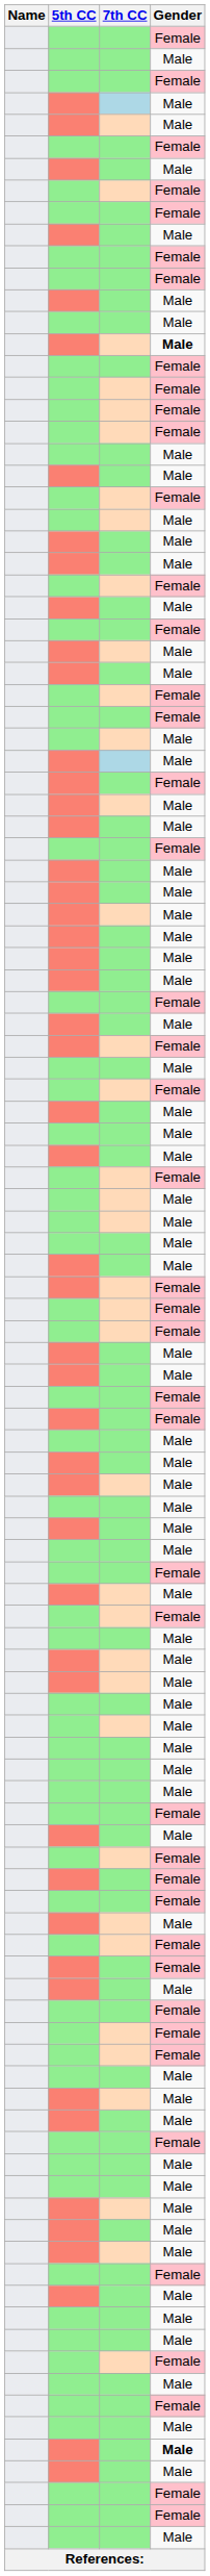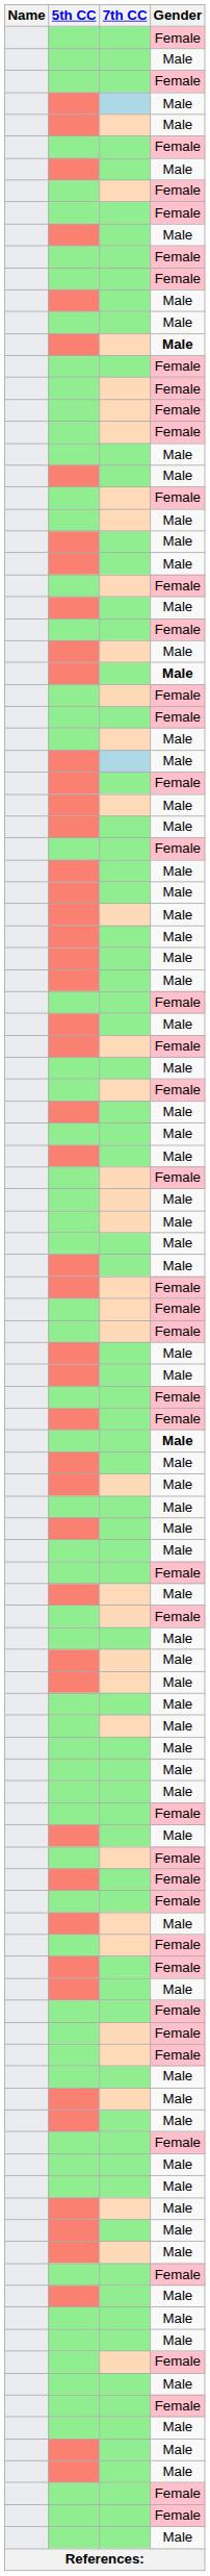 <table class="wikitable sortable" style=text-align:center>
 <tr>
 <th>Name</th>
 <th unsortable><a href='#'>5th CC</a></th>
 <th unsortable><a href='#'>7th CC</a></th>
 <th>Gender</th>
 </tr>
 <tr>
 <td bgcolor = #EAECF0></td>
 <td bgcolor = LightGreen></td>
 <td bgcolor = LightGreen></td>
 <td bgcolor = Pink>Female</td>
 </tr>
 <tr>
 <td bgcolor = #EAECF0></td>
 <td bgcolor = LightGreen></td>
 <td bgcolor = LightGreen></td>
 <td>Male</td>
 </tr>
 <tr>
 <td bgcolor = #EAECF0></td>
 <td bgcolor = LightGreen></td>
 <td bgcolor = LightGreen></td>
 <td bgcolor = Pink>Female</td>
 </tr>
 <tr>
 <td bgcolor = #EAECF0></td>
 <td bgcolor = Salmon></td>
 <td bgcolor = LightBlue></td>
 <td>Male</td>
 </tr>
 <tr>
 <td bgcolor = #EAECF0></td>
 <td bgcolor = Salmon></td>
 <td bgcolor = PeachPuff></td>
 <td>Male</td>
 </tr>
 <tr>
 <td bgcolor = #EAECF0></td>
 <td bgcolor = LightGreen></td>
 <td bgcolor = LightGreen></td>
 <td bgcolor = Pink>Female</td>
 </tr>
 <tr>
 <td bgcolor = #EAECF0></td>
 <td bgcolor = Salmon></td>
 <td bgcolor = LightGreen></td>
 <td>Male</td>
 </tr>
 <tr>
 <td bgcolor = #EAECF0></td>
 <td bgcolor = LightGreen></td>
 <td bgcolor = PeachPuff></td>
 <td bgcolor = Pink>Female</td>
 </tr>
 <tr>
 <td bgcolor = #EAECF0></td>
 <td bgcolor = LightGreen></td>
 <td bgcolor = LightGreen></td>
 <td bgcolor = Pink>Female</td>
 </tr>
 <tr>
 <td bgcolor = #EAECF0></td>
 <td bgcolor = Salmon></td>
 <td bgcolor = LightGreen></td>
 <td>Male</td>
 </tr>
 <tr>
 <td bgcolor = #EAECF0></td>
 <td bgcolor = LightGreen></td>
 <td bgcolor = LightGreen></td>
 <td bgcolor = Pink>Female</td>
 </tr>
 <tr>
 <td bgcolor = #EAECF0></td>
 <td bgcolor = LightGreen></td>
 <td bgcolor = LightGreen></td>
 <td bgcolor = Pink>Female</td>
 </tr>
 <tr>
 <td bgcolor = #EAECF0></td>
 <td bgcolor = Salmon></td>
 <td bgcolor = LightGreen></td>
 <td>Male</td>
 </tr>
 <tr>
 <td bgcolor = #EAECF0></td>
 <td bgcolor = LightGreen></td>
 <td bgcolor = LightGreen></td>
 <td>Male</td>
 </tr>
 <tr>
 <td bgcolor = #EAECF0></td>
 <td bgcolor = Salmon></td>
 <td bgcolor = PeachPuff></td>
 <td><strong>Male</strong></td>
 </tr>
 <tr>
 <td bgcolor = #EAECF0></td>
 <td bgcolor = LightGreen></td>
 <td bgcolor = LightGreen></td>
 <td bgcolor = Pink>Female</td>
 </tr>
 <tr>
 <td bgcolor = #EAECF0></td>
 <td bgcolor = LightGreen></td>
 <td bgcolor = PeachPuff></td>
 <td bgcolor = Pink>Female</td>
 </tr>
 <tr>
 <td bgcolor = #EAECF0></td>
 <td bgcolor = LightGreen></td>
 <td bgcolor = PeachPuff></td>
 <td bgcolor = Pink>Female</td>
 </tr>
 <tr>
 <td bgcolor = #EAECF0></td>
 <td bgcolor = LightGreen></td>
 <td bgcolor = PeachPuff></td>
 <td bgcolor = Pink>Female</td>
 </tr>
 <tr>
 <td bgcolor = #EAECF0></td>
 <td bgcolor = LightGreen></td>
 <td bgcolor = LightGreen></td>
 <td>Male</td>
 </tr>
 <tr>
 <td bgcolor = #EAECF0></td>
 <td bgcolor = Salmon></td>
 <td bgcolor = LightGreen></td>
 <td>Male</td>
 </tr>
 <tr>
 <td bgcolor = #EAECF0></td>
 <td bgcolor = LightGreen></td>
 <td bgcolor = PeachPuff></td>
 <td bgcolor = Pink>Female</td>
 </tr>
 <tr>
 <td bgcolor = #EAECF0></td>
 <td bgcolor = LightGreen></td>
 <td bgcolor = PeachPuff></td>
 <td>Male</td>
 </tr>
 <tr>
 <td bgcolor = #EAECF0></td>
 <td bgcolor = Salmon></td>
 <td bgcolor = LightGreen></td>
 <td>Male</td>
 </tr>
 <tr>
 <td bgcolor = #EAECF0></td>
 <td bgcolor = Salmon></td>
 <td bgcolor = LightGreen></td>
 <td>Male</td>
 </tr>
 <tr>
 <td bgcolor = #EAECF0></td>
 <td bgcolor = LightGreen></td>
 <td bgcolor = PeachPuff></td>
 <td bgcolor = Pink>Female</td>
 </tr>
 <tr>
 <td bgcolor = #EAECF0></td>
 <td bgcolor = Salmon></td>
 <td bgcolor = LightGreen></td>
 <td>Male</td>
 </tr>
 <tr>
 <td bgcolor = #EAECF0></td>
 <td bgcolor = LightGreen></td>
 <td bgcolor = LightGreen></td>
 <td bgcolor = Pink>Female</td>
 </tr>
 <tr>
 <td bgcolor = #EAECF0></td>
 <td bgcolor = Salmon></td>
 <td bgcolor = PeachPuff></td>
 <td>Male</td>
 </tr>
 <tr>
 <td bgcolor = #EAECF0></td>
 <td bgcolor = Salmon></td>
 <td bgcolor = LightGreen></td>
-<td>Male</td>
+<td><strong>Male</strong></td>
 </tr>
 <tr>
 <td bgcolor = #EAECF0></td>
 <td bgcolor = LightGreen></td>
 <td bgcolor = PeachPuff></td>
 <td bgcolor = Pink>Female</td>
 </tr>
 <tr>
 <td bgcolor = #EAECF0></td>
 <td bgcolor = LightGreen></td>
 <td bgcolor = LightGreen></td>
 <td bgcolor = Pink>Female</td>
 </tr>
 <tr>
 <td bgcolor = #EAECF0></td>
 <td bgcolor = LightGreen></td>
 <td bgcolor = PeachPuff></td>
 <td>Male</td>
 </tr>
 <tr>
 <td bgcolor = #EAECF0></td>
 <td bgcolor = Salmon></td>
 <td bgcolor = LightBlue></td>
 <td>Male</td>
 </tr>
 <tr>
 <td bgcolor = #EAECF0></td>
 <td bgcolor = Salmon></td>
 <td bgcolor = LightGreen></td>
 <td bgcolor = Pink>Female</td>
 </tr>
 <tr>
 <td bgcolor = #EAECF0></td>
 <td bgcolor = Salmon></td>
 <td bgcolor = PeachPuff></td>
 <td>Male</td>
 </tr>
 <tr>
 <td bgcolor = #EAECF0></td>
 <td bgcolor = Salmon></td>
 <td bgcolor = LightGreen></td>
 <td>Male</td>
 </tr>
 <tr>
 <td bgcolor = #EAECF0></td>
 <td bgcolor = LightGreen></td>
 <td bgcolor = LightGreen></td>
 <td bgcolor = Pink>Female</td>
 </tr>
 <tr>
 <td bgcolor = #EAECF0></td>
 <td bgcolor = Salmon></td>
 <td bgcolor = LightGreen></td>
 <td>Male</td>
 </tr>
 <tr>
 <td bgcolor = #EAECF0></td>
 <td bgcolor = Salmon></td>
 <td bgcolor = LightGreen></td>
 <td>Male</td>
 </tr>
 <tr>
 <td bgcolor = #EAECF0></td>
 <td bgcolor = Salmon></td>
 <td bgcolor = PeachPuff></td>
 <td>Male</td>
 </tr>
 <tr>
 <td bgcolor = #EAECF0></td>
 <td bgcolor = Salmon></td>
 <td bgcolor = LightGreen></td>
 <td>Male</td>
 </tr>
 <tr>
 <td bgcolor = #EAECF0></td>
 <td bgcolor = Salmon></td>
 <td bgcolor = LightGreen></td>
 <td>Male</td>
 </tr>
 <tr>
 <td bgcolor = #EAECF0></td>
 <td bgcolor = Salmon></td>
 <td bgcolor = LightGreen></td>
 <td>Male</td>
 </tr>
 <tr>
 <td bgcolor = #EAECF0></td>
 <td bgcolor = LightGreen></td>
 <td bgcolor = LightGreen></td>
 <td bgcolor = Pink>Female</td>
 </tr>
 <tr>
 <td bgcolor = #EAECF0></td>
 <td bgcolor = Salmon></td>
 <td bgcolor = LightGreen></td>
 <td>Male</td>
 </tr>
 <tr>
 <td bgcolor = #EAECF0></td>
 <td bgcolor = Salmon></td>
 <td bgcolor = PeachPuff></td>
 <td bgcolor = Pink>Female</td>
 </tr>
 <tr>
 <td bgcolor = #EAECF0></td>
 <td bgcolor = LightGreen></td>
 <td bgcolor = LightGreen></td>
 <td>Male</td>
 </tr>
 <tr>
 <td bgcolor = #EAECF0></td>
 <td bgcolor = LightGreen></td>
 <td bgcolor = PeachPuff></td>
 <td bgcolor = Pink>Female</td>
 </tr>
 <tr>
 <td bgcolor = #EAECF0></td>
 <td bgcolor = Salmon></td>
 <td bgcolor = LightGreen></td>
 <td>Male</td>
 </tr>
 <tr>
 <td bgcolor = #EAECF0></td>
 <td bgcolor = LightGreen></td>
 <td bgcolor = LightGreen></td>
 <td>Male</td>
 </tr>
 <tr>
 <td bgcolor = #EAECF0></td>
 <td bgcolor = Salmon></td>
 <td bgcolor = LightGreen></td>
 <td>Male</td>
 </tr>
 <tr>
 <td bgcolor = #EAECF0></td>
 <td bgcolor = LightGreen></td>
 <td bgcolor = PeachPuff></td>
 <td bgcolor = Pink>Female</td>
 </tr>
 <tr>
 <td bgcolor = #EAECF0></td>
 <td bgcolor = LightGreen></td>
 <td bgcolor = PeachPuff></td>
 <td>Male</td>
 </tr>
 <tr>
 <td bgcolor = #EAECF0></td>
 <td bgcolor = LightGreen></td>
 <td bgcolor = PeachPuff></td>
 <td>Male</td>
 </tr>
 <tr>
 <td bgcolor = #EAECF0></td>
 <td bgcolor = LightGreen></td>
 <td bgcolor = LightGreen></td>
 <td>Male</td>
 </tr>
 <tr>
 <td bgcolor = #EAECF0></td>
 <td bgcolor = Salmon></td>
 <td bgcolor = LightGreen></td>
 <td>Male</td>
 </tr>
 <tr>
 <td bgcolor = #EAECF0></td>
 <td bgcolor = Salmon></td>
 <td bgcolor = PeachPuff></td>
 <td bgcolor = Pink>Female</td>
 </tr>
 <tr>
 <td bgcolor = #EAECF0></td>
 <td bgcolor = LightGreen></td>
 <td bgcolor = PeachPuff></td>
 <td bgcolor = Pink>Female</td>
 </tr>
 <tr>
 <td bgcolor = #EAECF0></td>
 <td bgcolor = LightGreen></td>
 <td bgcolor = PeachPuff></td>
 <td bgcolor = Pink>Female</td>
 </tr>
 <tr>
 <td bgcolor = #EAECF0></td>
 <td bgcolor = Salmon></td>
 <td bgcolor = LightGreen></td>
 <td>Male</td>
 </tr>
 <tr>
 <td bgcolor = #EAECF0></td>
 <td bgcolor = Salmon></td>
 <td bgcolor = LightGreen></td>
 <td>Male</td>
 </tr>
 <tr>
 <td bgcolor = #EAECF0></td>
 <td bgcolor = LightGreen></td>
 <td bgcolor = LightGreen></td>
 <td bgcolor = Pink>Female</td>
 </tr>
 <tr>
 <td bgcolor = #EAECF0></td>
 <td bgcolor = Salmon></td>
 <td bgcolor = LightGreen></td>
 <td bgcolor = Pink>Female</td>
 </tr>
 <tr>
 <td bgcolor = #EAECF0></td>
 <td bgcolor = LightGreen></td>
 <td bgcolor = LightGreen></td>
-<td>Male</td>
+<td><strong>Male</strong></td>
 </tr>
 <tr>
 <td bgcolor = #EAECF0></td>
 <td bgcolor = Salmon></td>
 <td bgcolor = LightGreen></td>
 <td>Male</td>
 </tr>
 <tr>
 <td bgcolor = #EAECF0></td>
 <td bgcolor = Salmon></td>
 <td bgcolor = PeachPuff></td>
 <td>Male</td>
 </tr>
 <tr>
 <td bgcolor = #EAECF0></td>
 <td bgcolor = LightGreen></td>
 <td bgcolor = LightGreen></td>
 <td>Male</td>
 </tr>
 <tr>
 <td bgcolor = #EAECF0></td>
 <td bgcolor = Salmon></td>
 <td bgcolor = LightGreen></td>
 <td>Male</td>
 </tr>
 <tr>
 <td bgcolor = #EAECF0></td>
 <td bgcolor = LightGreen></td>
 <td bgcolor = LightGreen></td>
 <td>Male</td>
 </tr>
 <tr>
 <td bgcolor = #EAECF0></td>
 <td bgcolor = LightGreen></td>
 <td bgcolor = LightGreen></td>
 <td bgcolor = Pink>Female</td>
 </tr>
 <tr>
 <td bgcolor = #EAECF0></td>
 <td bgcolor = Salmon></td>
 <td bgcolor = PeachPuff></td>
 <td>Male</td>
 </tr>
 <tr>
 <td bgcolor = #EAECF0></td>
 <td bgcolor = LightGreen></td>
 <td bgcolor = PeachPuff></td>
 <td bgcolor = Pink>Female</td>
 </tr>
 <tr>
 <td bgcolor = #EAECF0></td>
 <td bgcolor = LightGreen></td>
 <td bgcolor = LightGreen></td>
 <td>Male</td>
 </tr>
 <tr>
 <td bgcolor = #EAECF0></td>
 <td bgcolor = Salmon></td>
 <td bgcolor = PeachPuff></td>
 <td>Male</td>
 </tr>
 <tr>
 <td bgcolor = #EAECF0></td>
 <td bgcolor = Salmon></td>
 <td bgcolor = PeachPuff></td>
 <td>Male</td>
 </tr>
 <tr>
 <td bgcolor = #EAECF0></td>
 <td bgcolor = LightGreen></td>
 <td bgcolor = LightGreen></td>
 <td>Male</td>
 </tr>
 <tr>
 <td bgcolor = #EAECF0></td>
 <td bgcolor = LightGreen></td>
 <td bgcolor = PeachPuff></td>
 <td>Male</td>
 </tr>
 <tr>
 <td bgcolor = #EAECF0></td>
 <td bgcolor = LightGreen></td>
 <td bgcolor = LightGreen></td>
 <td>Male</td>
 </tr>
 <tr>
 <td bgcolor = #EAECF0></td>
 <td bgcolor = LightGreen></td>
 <td bgcolor = LightGreen></td>
 <td>Male</td>
 </tr>
 <tr>
 <td bgcolor = #EAECF0></td>
 <td bgcolor = LightGreen></td>
 <td bgcolor = LightGreen></td>
 <td>Male</td>
 </tr>
 <tr>
 <td bgcolor = #EAECF0></td>
 <td bgcolor = LightGreen></td>
 <td bgcolor = LightGreen></td>
 <td bgcolor = Pink>Female</td>
 </tr>
 <tr>
 <td bgcolor = #EAECF0></td>
 <td bgcolor = Salmon></td>
 <td bgcolor = LightGreen></td>
 <td>Male</td>
 </tr>
 <tr>
 <td bgcolor = #EAECF0></td>
 <td bgcolor = LightGreen></td>
 <td bgcolor = PeachPuff></td>
 <td bgcolor = Pink>Female</td>
 </tr>
 <tr>
 <td bgcolor = #EAECF0></td>
 <td bgcolor = Salmon></td>
 <td bgcolor = LightGreen></td>
 <td bgcolor = Pink>Female</td>
 </tr>
 <tr>
 <td bgcolor = #EAECF0></td>
 <td bgcolor = LightGreen></td>
 <td bgcolor = LightGreen></td>
 <td bgcolor = Pink>Female</td>
 </tr>
 <tr>
 <td bgcolor = #EAECF0></td>
 <td bgcolor = Salmon></td>
 <td bgcolor = PeachPuff></td>
 <td>Male</td>
 </tr>
 <tr>
 <td bgcolor = #EAECF0></td>
 <td bgcolor = LightGreen></td>
 <td bgcolor = PeachPuff></td>
 <td bgcolor = Pink>Female</td>
 </tr>
 <tr>
 <td bgcolor = #EAECF0></td>
 <td bgcolor = Salmon></td>
 <td bgcolor = LightGreen></td>
 <td bgcolor = Pink>Female</td>
 </tr>
 <tr>
 <td bgcolor = #EAECF0></td>
 <td bgcolor = Salmon></td>
 <td bgcolor = LightGreen></td>
 <td>Male</td>
 </tr>
 <tr>
 <td bgcolor = #EAECF0></td>
 <td bgcolor = LightGreen></td>
 <td bgcolor = LightGreen></td>
 <td bgcolor = Pink>Female</td>
 </tr>
 <tr>
 <td bgcolor = #EAECF0></td>
 <td bgcolor = LightGreen></td>
 <td bgcolor = PeachPuff></td>
 <td bgcolor = Pink>Female</td>
 </tr>
 <tr>
 <td bgcolor = #EAECF0></td>
 <td bgcolor = LightGreen></td>
 <td bgcolor = PeachPuff></td>
 <td bgcolor = Pink>Female</td>
 </tr>
 <tr>
 <td bgcolor = #EAECF0></td>
 <td bgcolor = LightGreen></td>
 <td bgcolor = LightGreen></td>
 <td>Male</td>
 </tr>
 <tr>
 <td bgcolor = #EAECF0></td>
 <td bgcolor = Salmon></td>
 <td bgcolor = PeachPuff></td>
 <td>Male</td>
 </tr>
 <tr>
 <td bgcolor = #EAECF0></td>
 <td bgcolor = Salmon></td>
 <td bgcolor = LightGreen></td>
 <td>Male</td>
 </tr>
 <tr>
 <td bgcolor = #EAECF0></td>
 <td bgcolor = LightGreen></td>
 <td bgcolor = LightGreen></td>
 <td bgcolor = Pink>Female</td>
 </tr>
 <tr>
 <td bgcolor = #EAECF0></td>
 <td bgcolor = LightGreen></td>
 <td bgcolor = LightGreen></td>
 <td>Male</td>
 </tr>
 <tr>
 <td bgcolor = #EAECF0></td>
 <td bgcolor = LightGreen></td>
 <td bgcolor = LightGreen></td>
 <td>Male</td>
 </tr>
 <tr>
 <td bgcolor = #EAECF0></td>
 <td bgcolor = Salmon></td>
 <td bgcolor = PeachPuff></td>
 <td>Male</td>
 </tr>
 <tr>
 <td bgcolor = #EAECF0></td>
 <td bgcolor = Salmon></td>
 <td bgcolor = LightGreen></td>
 <td>Male</td>
 </tr>
 <tr>
 <td bgcolor = #EAECF0></td>
 <td bgcolor = Salmon></td>
 <td bgcolor = PeachPuff></td>
 <td>Male</td>
 </tr>
 <tr>
 <td bgcolor = #EAECF0></td>
 <td bgcolor = LightGreen></td>
 <td bgcolor = LightGreen></td>
 <td bgcolor = Pink>Female</td>
 </tr>
 <tr>
 <td bgcolor = #EAECF0></td>
 <td bgcolor = Salmon></td>
 <td bgcolor = LightGreen></td>
 <td>Male</td>
 </tr>
 <tr>
 <td bgcolor = #EAECF0></td>
 <td bgcolor = LightGreen></td>
 <td bgcolor = LightGreen></td>
 <td>Male</td>
 </tr>
 <tr>
 <td bgcolor = #EAECF0></td>
 <td bgcolor = LightGreen></td>
 <td bgcolor = LightGreen></td>
 <td>Male</td>
 </tr>
 <tr>
 <td bgcolor = #EAECF0></td>
 <td bgcolor = LightGreen></td>
 <td bgcolor = PeachPuff></td>
 <td bgcolor = Pink>Female</td>
 </tr>
 <tr>
 <td bgcolor = #EAECF0></td>
 <td bgcolor = LightGreen></td>
 <td bgcolor = LightGreen></td>
 <td>Male</td>
 </tr>
 <tr>
 <td bgcolor = #EAECF0></td>
 <td bgcolor = LightGreen></td>
 <td bgcolor = LightGreen></td>
 <td bgcolor = Pink>Female</td>
 </tr>
 <tr>
 <td bgcolor = #EAECF0></td>
 <td bgcolor = LightGreen></td>
 <td bgcolor = LightGreen></td>
 <td>Male</td>
 </tr>
 <tr>
 <td bgcolor = #EAECF0></td>
 <td bgcolor = Salmon></td>
 <td bgcolor = LightGreen></td>
-<td><strong>Male</strong></td>
+<td>Male</td>
 </tr>
 <tr>
 <td bgcolor = #EAECF0></td>
 <td bgcolor = Salmon></td>
 <td bgcolor = LightGreen></td>
 <td>Male</td>
 </tr>
 <tr>
 <td bgcolor = #EAECF0></td>
 <td bgcolor = LightGreen></td>
 <td bgcolor = LightGreen></td>
 <td bgcolor = Pink>Female</td>
 </tr>
 <tr>
 <td bgcolor = #EAECF0></td>
 <td bgcolor = LightGreen></td>
 <td bgcolor = LightGreen></td>
 <td bgcolor = Pink>Female</td>
 </tr>
 <tr>
 <td bgcolor = #EAECF0></td>
 <td bgcolor = LightGreen></td>
 <td bgcolor = LightGreen></td>
 <td>Male</td>
 </tr>
 <tr class=sortbottom>
 <th colspan = "23" align = left><strong>References:</strong><br></th>
 </tr>
 </table>
